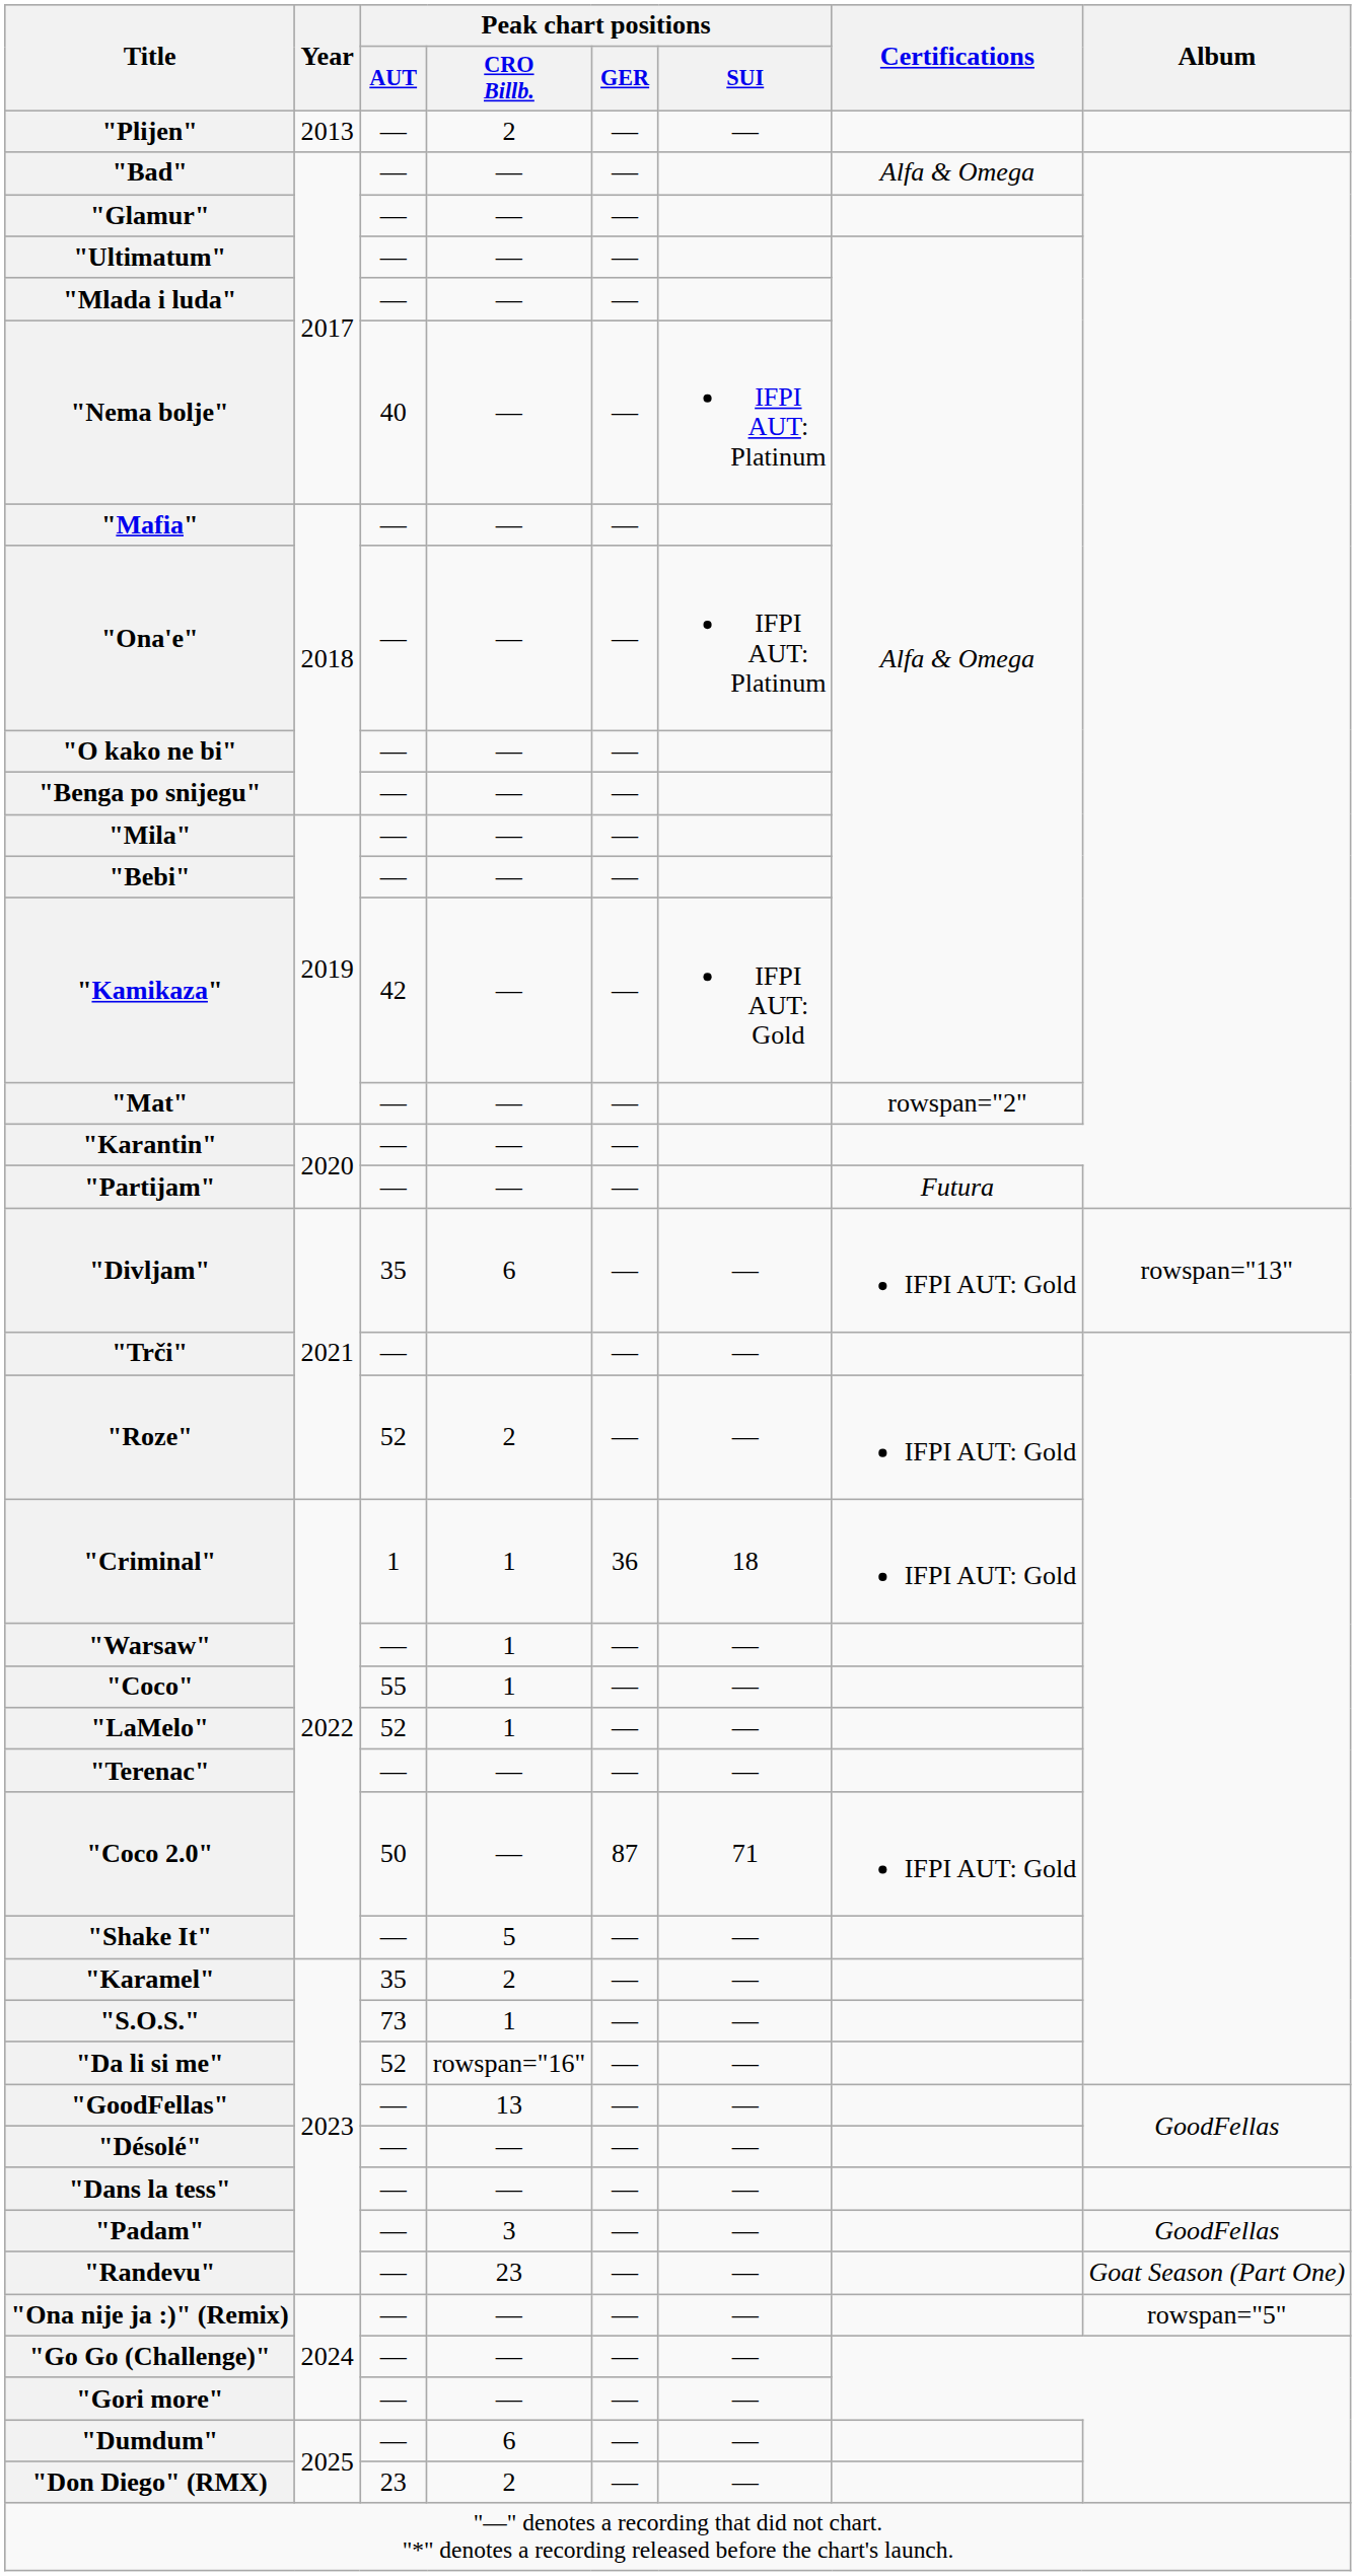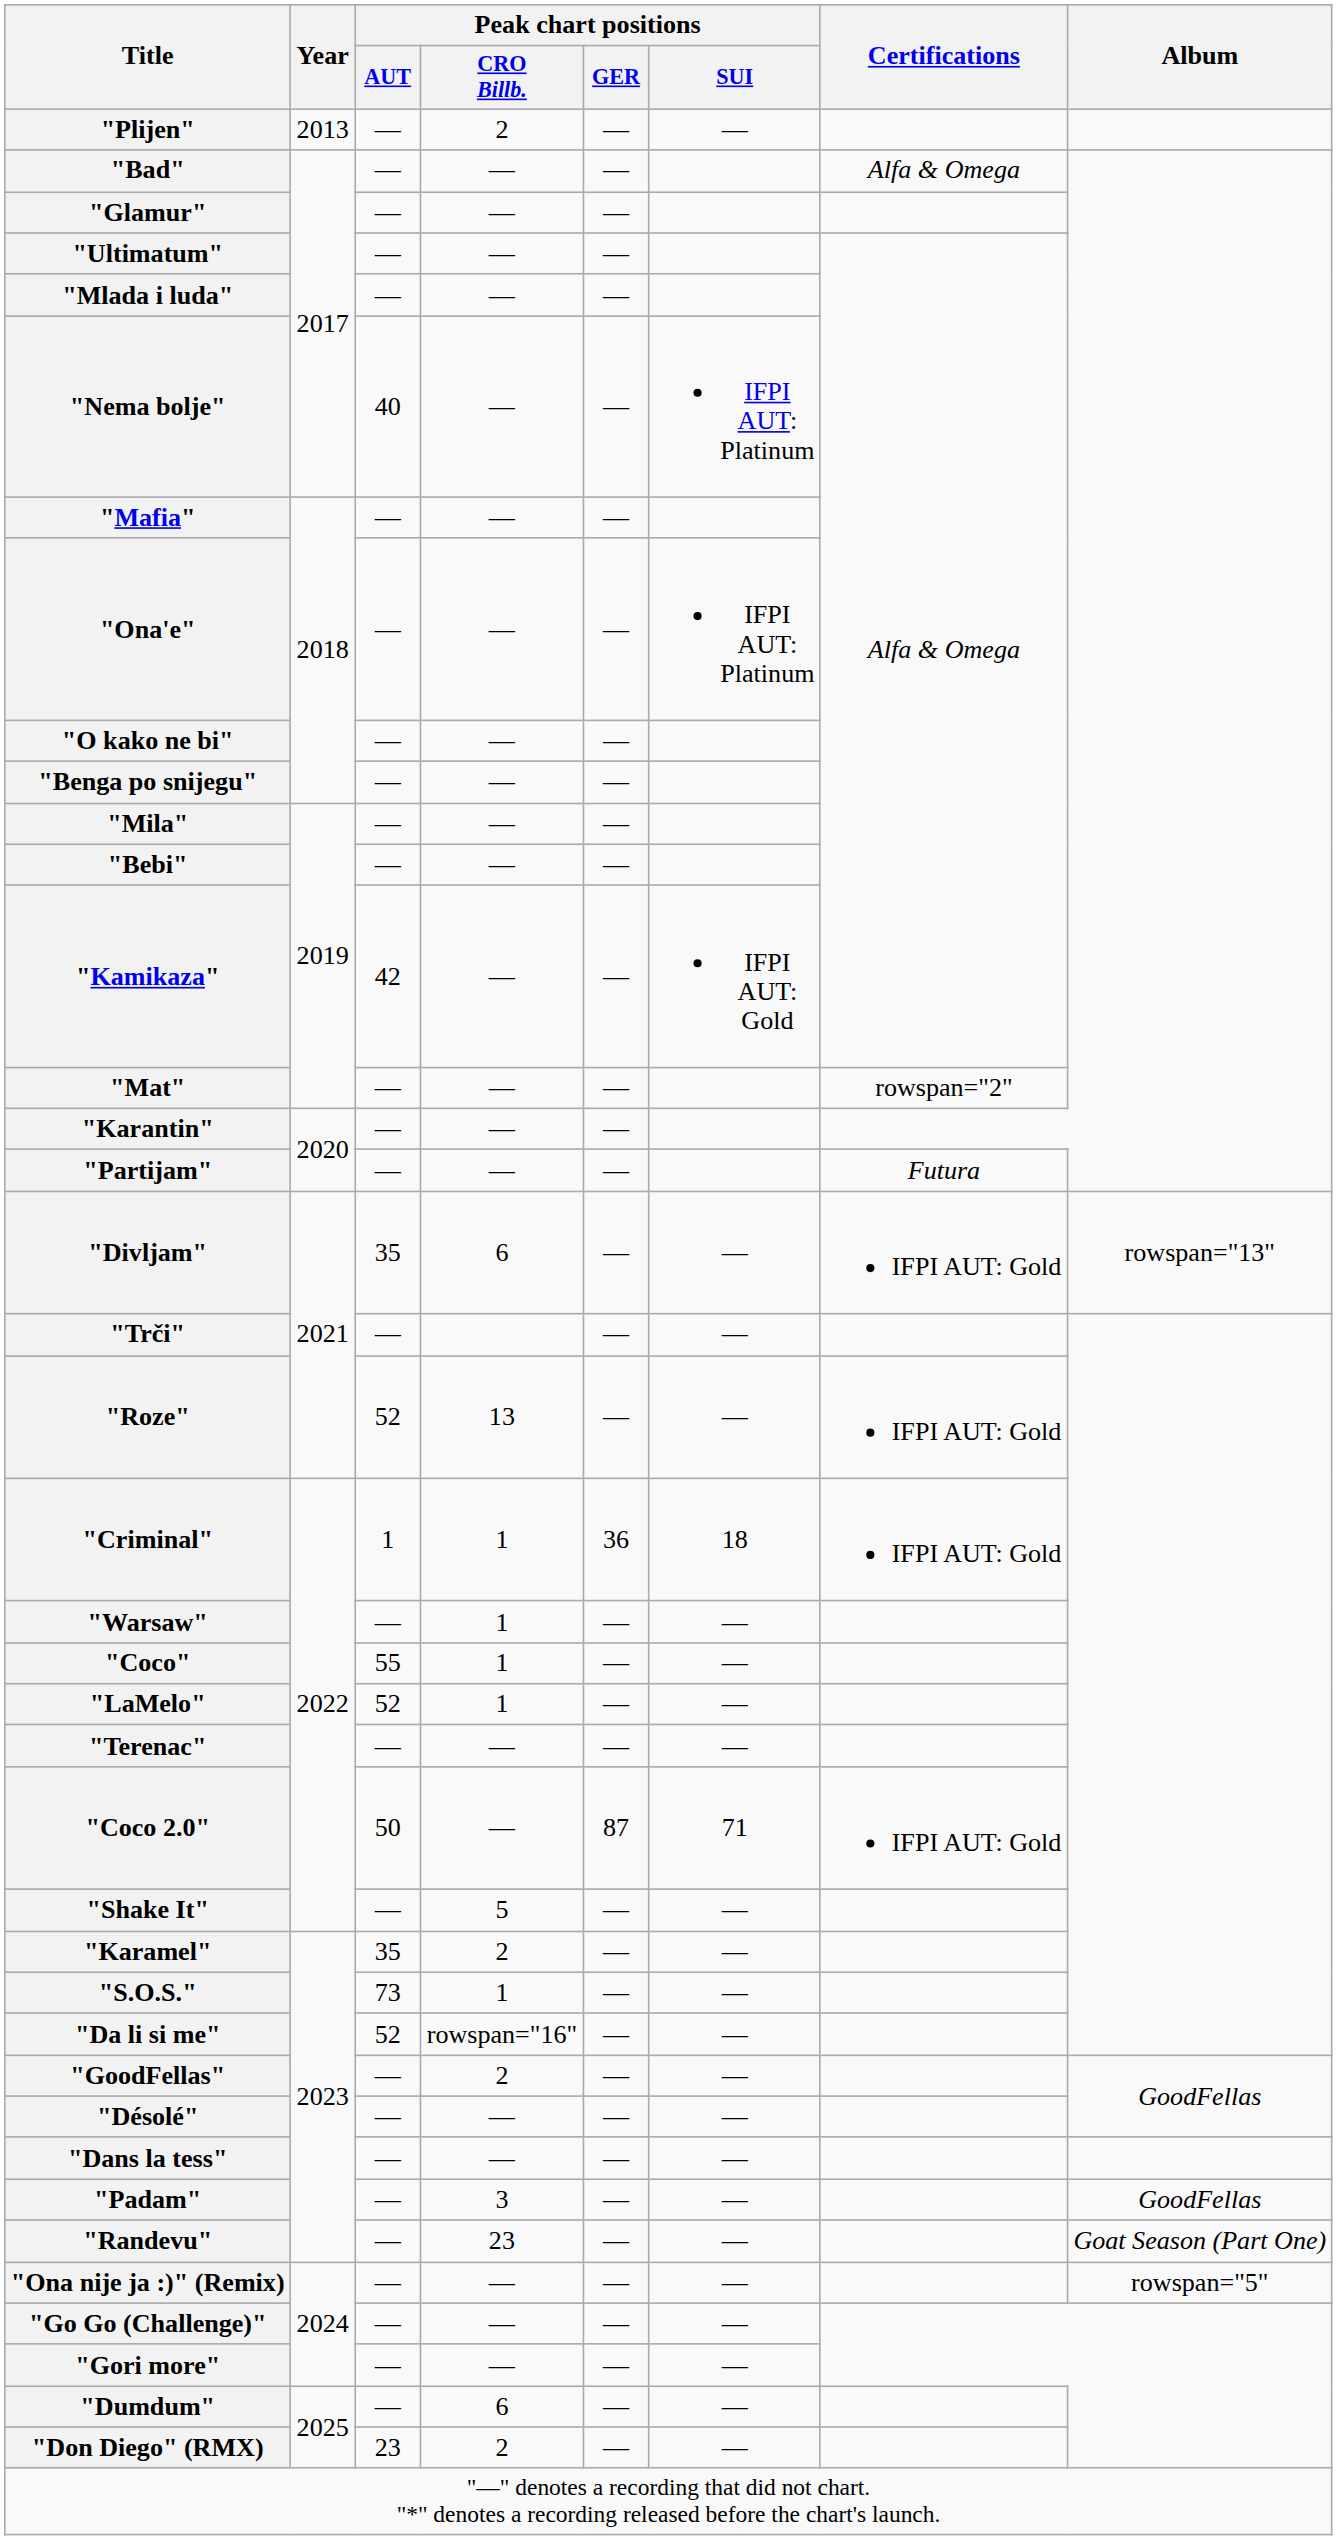 <table class="wikitable plainrowheaders" style="text-align:center;">
 <tr>
 <th rowspan="2" scope="col">Title</th>
 <th rowspan="2" scope="col">Year</th>
 <th colspan="4" scope="col">Peak chart positions</th>
 <th rowspan="2" scope="col"><a href='#'>Certifications</a></th>
 <th rowspan="2" scope="col">Album</th>
 </tr>
 <tr>
 <th style="width:2.5em; font-size:85%"><a href='#'>AUT</a><br></th>
 <th style="width:2.5em; font-size:85%"><a href='#'>CRO<br><em>Billb.</em></a><br></th>
 <th style="width:2.5em; font-size:85%"><a href='#'>GER</a><br></th>
 <th style="width:2.5em; font-size:85%"><a href='#'>SUI</a><br></th>
 </tr>
 <tr>
 <th scope="row">"Plijen"<br></th>
 <td>2013</td>
 <td>—</td>
 <td>2</td>
 <td>—</td>
 <td>—</td>
 <td></td>
 <td></td>
 </tr>
 <tr>
 <th scope="row">"Bad"</th>
 <td rowspan="5">2017</td>
 <td>—</td>
 <td>—</td>
 <td>—</td>
 <td></td>
 <td><em>Alfa & Omega</em></td>
 </tr>
 <tr>
 <th scope="row">"Glamur"</th>
 <td>—</td>
 <td>—</td>
 <td>—</td>
 <td></td>
 <td></td>
 </tr>
 <tr>
 <th scope="row">"Ultimatum"<br></th>
 <td>—</td>
 <td>—</td>
 <td>—</td>
 <td></td>
 <td rowspan="10"><em>Alfa & Omega</em></td>
 </tr>
 <tr>
 <th scope="row">"Mlada i luda"</th>
 <td>—</td>
 <td>—</td>
 <td>—</td>
 <td></td>
 </tr>
 <tr>
 <th scope="row">"Nema bolje"<br></th>
 <td>40</td>
 <td>—</td>
 <td>—</td>
 <td><br><ul><li><a href='#'>IFPI AUT</a>: Platinum</li></ul></td>
 </tr>
 <tr>
 <th scope="row">"<a href='#'>Mafia</a>"<br></th>
 <td rowspan="4">2018</td>
 <td>—</td>
 <td>—</td>
 <td>—</td>
 <td></td>
 </tr>
 <tr>
 <th scope="row">"Ona'e"<br></th>
 <td>—</td>
 <td>—</td>
 <td>—</td>
 <td><br><ul><li>IFPI AUT: Platinum</li></ul></td>
 </tr>
 <tr>
 <th scope="row">"O kako ne bi"</th>
 <td>—</td>
 <td>—</td>
 <td>—</td>
 <td></td>
 </tr>
 <tr>
 <th scope="row">"Benga po snijegu"<br></th>
 <td>—</td>
 <td>—</td>
 <td>—</td>
 <td></td>
 </tr>
 <tr>
 <th scope="row">"Mila"<br></th>
 <td rowspan="4">2019</td>
 <td>—</td>
 <td>—</td>
 <td>—</td>
 <td></td>
 </tr>
 <tr>
 <th scope="row">"Bebi"<br></th>
 <td>—</td>
 <td>—</td>
 <td>—</td>
 <td></td>
 </tr>
 <tr>
 <th scope="row">"<a href='#'>Kamikaza</a>"<br></th>
 <td>42</td>
 <td>—</td>
 <td>—</td>
 <td><br><ul><li>IFPI AUT: Gold</li></ul></td>
 </tr>
 <tr>
 <th scope="row">"Mat"</th>
 <td>—</td>
 <td>—</td>
 <td>—</td>
 <td></td>
 <td>rowspan="2" </td>
 </tr>
 <tr>
 <th scope="row">"Karantin"<br></th>
 <td rowspan="2">2020</td>
 <td>—</td>
 <td>—</td>
 <td>—</td>
 <td></td>
 </tr>
 <tr>
 <th scope="row">"Partijam"</th>
 <td>—</td>
 <td>—</td>
 <td>—</td>
 <td></td>
 <td><em>Futura</em></td>
 </tr>
 <tr>
 <th scope="row">"Divljam"<br></th>
 <td rowspan="3">2021</td>
 <td>35</td>
 <td>6</td>
 <td>—</td>
 <td>—</td>
 <td><br><ul><li>IFPI AUT: Gold</li></ul></td>
 <td>rowspan="13" </td>
 </tr>
 <tr>
 <th scope="row">"Trči"</th>
 <td>—</td>
 <td></td>
 <td>—</td>
 <td>—</td>
 <td></td>
 </tr>
 <tr>
 <th scope="row">"Roze"<br></th>
 <td>52</td>
-<td>2</td>
+<td>13</td>
 <td>—</td>
 <td>—</td>
 <td><br><ul><li>IFPI AUT: Gold</li></ul></td>
 </tr>
 <tr>
 <th scope="row">"Criminal"<br></th>
 <td rowspan="7">2022</td>
 <td>1</td>
 <td>1</td>
 <td>36</td>
 <td>18</td>
 <td><br><ul><li>IFPI AUT: Gold</li></ul></td>
 </tr>
 <tr>
 <th scope="row">"Warsaw"<br></th>
 <td>—</td>
 <td>1</td>
 <td>—</td>
 <td>—</td>
 <td></td>
 </tr>
 <tr>
 <th scope="row">"Coco"<br></th>
 <td>55</td>
 <td>1</td>
 <td>—</td>
 <td>—</td>
 <td></td>
 </tr>
 <tr>
 <th scope="row">"LaMelo"<br></th>
 <td>52</td>
 <td>1</td>
 <td>—</td>
 <td>—</td>
 <td></td>
 </tr>
 <tr>
 <th scope="row">"Terenac"<br></th>
 <td>—</td>
 <td>—</td>
 <td>—</td>
 <td>—</td>
 <td></td>
 </tr>
 <tr>
 <th scope="row">"Coco 2.0"<br></th>
 <td>50</td>
 <td>—</td>
 <td>87</td>
 <td>71</td>
 <td><br><ul><li>IFPI AUT: Gold</li></ul></td>
 </tr>
 <tr>
 <th scope="row">"Shake It"<br></th>
 <td>—</td>
 <td>5</td>
 <td>—</td>
 <td>—</td>
 <td></td>
 </tr>
 <tr>
 <th scope="row">"Karamel"<br></th>
 <td rowspan="8">2023</td>
 <td>35</td>
 <td>2</td>
 <td>—</td>
 <td>—</td>
 <td></td>
 </tr>
 <tr>
 <th scope="row">"S.O.S."<br></th>
 <td>73</td>
 <td>1</td>
 <td>—</td>
 <td>—</td>
 <td></td>
 </tr>
 <tr>
 <th scope="row">"Da li si me"<br></th>
 <td>52</td>
 <td>rowspan="16" </td>
 <td>—</td>
 <td>—</td>
 <td></td>
 </tr>
 <tr>
 <th scope="row">"GoodFellas"<br></th>
 <td>—</td>
-<td>13</td>
+<td>2</td>
 <td>—</td>
 <td>—</td>
 <td></td>
 <td rowspan="2"><em>GoodFellas</em></td>
 </tr>
 <tr>
 <th scope="row">"Désolé"<br></th>
 <td>—</td>
 <td>—</td>
 <td>—</td>
 <td>—</td>
 <td></td>
 </tr>
 <tr>
 <th scope="row">"Dans la tess"<br></th>
 <td>—</td>
 <td>—</td>
 <td>—</td>
 <td>—</td>
 <td></td>
 <td></td>
 </tr>
 <tr>
 <th scope="row">"Padam"<br></th>
 <td>—</td>
 <td>3</td>
 <td>—</td>
 <td>—</td>
 <td></td>
 <td><em>GoodFellas</em></td>
 </tr>
 <tr>
 <th scope="row">"Randevu"</th>
 <td>—</td>
 <td>23</td>
 <td>—</td>
 <td>—</td>
 <td></td>
 <td><em>Goat Season (Part One)</em></td>
 </tr>
 <tr>
 <th scope="row">"Ona nije ja :)" (Remix)<br></th>
 <td rowspan="3">2024</td>
 <td>—</td>
 <td>—</td>
 <td>—</td>
 <td>—</td>
 <td></td>
 <td>rowspan="5" </td>
 </tr>
 <tr>
 <th scope="row">"Go Go (Challenge)"<br></th>
 <td>—</td>
 <td>—</td>
 <td>—</td>
 <td>—</td>
 </tr>
 <tr>
 <th scope="row">"Gori more"<br></th>
 <td>—</td>
 <td>—</td>
 <td>—</td>
 <td>—</td>
 </tr>
 <tr>
 <th scope="row">"Dumdum"<br></th>
 <td rowspan="2">2025</td>
 <td>—</td>
 <td>6</td>
 <td>—</td>
 <td>—</td>
 <td></td>
 </tr>
 <tr>
 <th scope="row">"Don Diego" (RMX)<br></th>
 <td>23</td>
 <td>2</td>
 <td>—</td>
 <td>—</td>
 <td></td>
 </tr>
 <tr>
 <td colspan="8" style="font-size:90%">"—" denotes a recording that did not chart.<br>"*" denotes a recording released before the chart's launch.</td>
 </tr>
 </table>
